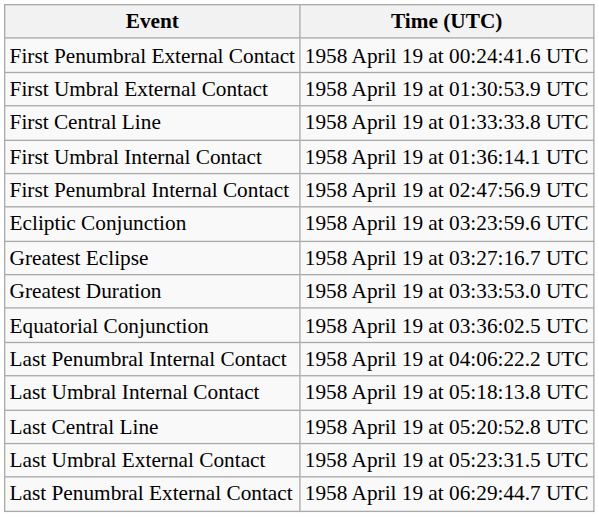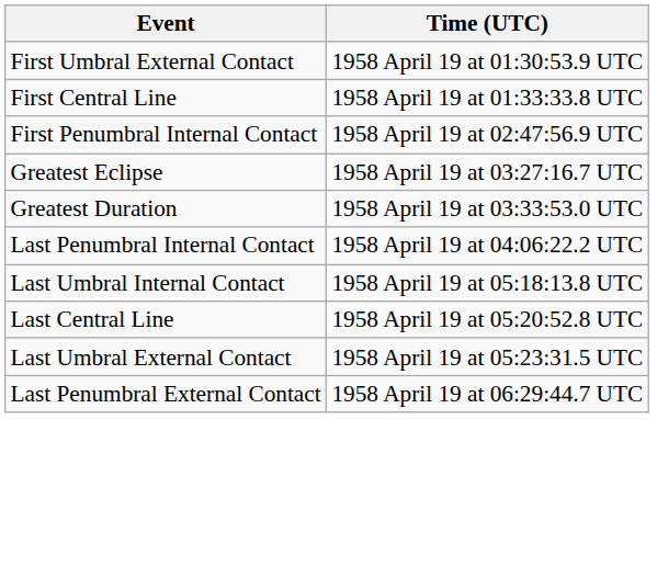 <table class="wikitable">
 <tr>
 <th>Event</th>
 <th>Time (UTC)</th>
-</tr>
-<tr>
-<td>First Penumbral External Contact</td>
-<td>1958 April 19 at 00:24:41.6 UTC</td>
 </tr>
 <tr>
 <td>First Umbral External Contact</td>
 <td>1958 April 19 at 01:30:53.9 UTC</td>
 </tr>
 <tr>
 <td>First Central Line</td>
 <td>1958 April 19 at 01:33:33.8 UTC</td>
 </tr>
 <tr>
-<td>First Umbral Internal Contact</td>
-<td>1958 April 19 at 01:36:14.1 UTC</td>
-</tr>
-<tr>
 <td>First Penumbral Internal Contact</td>
 <td>1958 April 19 at 02:47:56.9 UTC</td>
-</tr>
-<tr>
-<td>Ecliptic Conjunction</td>
-<td>1958 April 19 at 03:23:59.6 UTC</td>
 </tr>
 <tr>
 <td>Greatest Eclipse</td>
 <td>1958 April 19 at 03:27:16.7 UTC</td>
 </tr>
 <tr>
 <td>Greatest Duration</td>
 <td>1958 April 19 at 03:33:53.0 UTC</td>
-</tr>
-<tr>
-<td>Equatorial Conjunction</td>
-<td>1958 April 19 at 03:36:02.5 UTC</td>
 </tr>
 <tr>
 <td>Last Penumbral Internal Contact</td>
 <td>1958 April 19 at 04:06:22.2 UTC</td>
 </tr>
 <tr>
 <td>Last Umbral Internal Contact</td>
 <td>1958 April 19 at 05:18:13.8 UTC</td>
 </tr>
 <tr>
 <td>Last Central Line</td>
 <td>1958 April 19 at 05:20:52.8 UTC</td>
 </tr>
 <tr>
 <td>Last Umbral External Contact</td>
 <td>1958 April 19 at 05:23:31.5 UTC</td>
 </tr>
 <tr>
 <td>Last Penumbral External Contact</td>
 <td>1958 April 19 at 06:29:44.7 UTC</td>
 </tr>
 </table>
